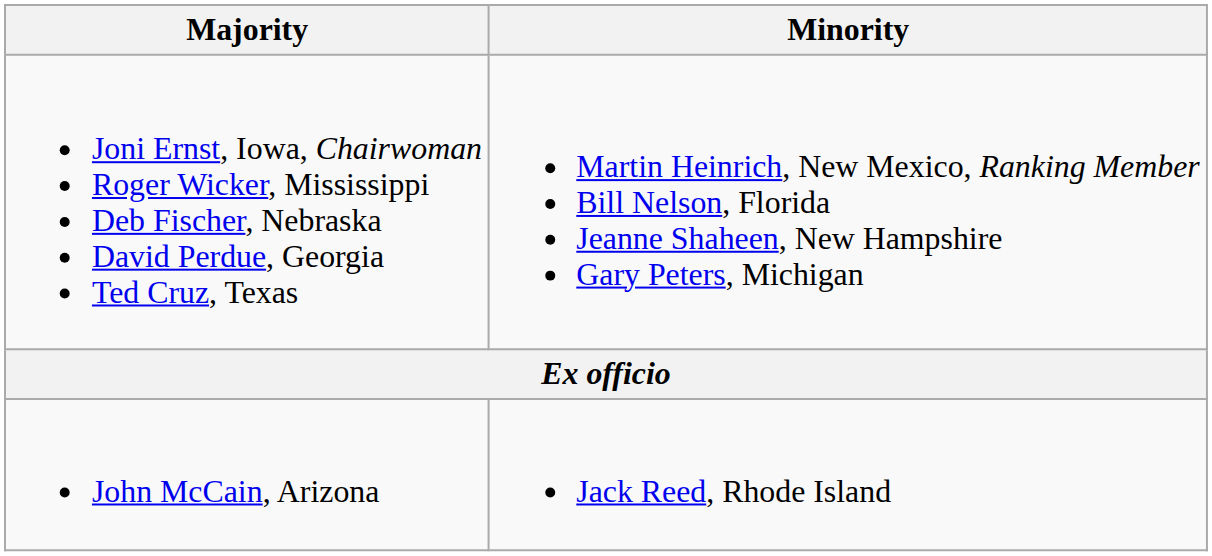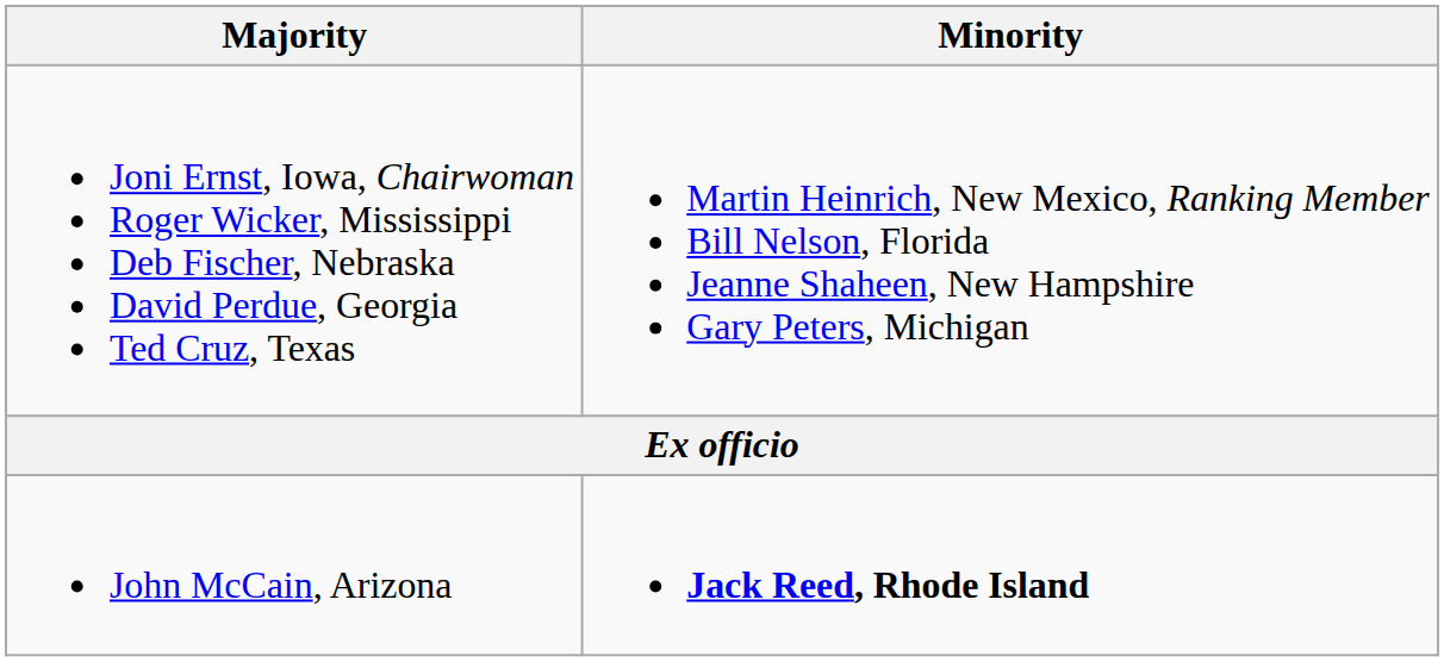 <table class=wikitable>
 <tr>
 <th>Majority</th>
 <th>Minority</th>
 </tr>
 <tr>
 <td><br><ul><li><a href='#'>Joni Ernst</a>, Iowa, <em>Chairwoman</em></li><li><a href='#'>Roger Wicker</a>, Mississippi</li><li><a href='#'>Deb Fischer</a>, Nebraska</li><li><a href='#'>David Perdue</a>, Georgia</li><li><a href='#'>Ted Cruz</a>, Texas</li></ul></td>
 <td><br><ul><li><a href='#'>Martin Heinrich</a>, New Mexico, <em>Ranking Member</em></li><li><a href='#'>Bill Nelson</a>, Florida</li><li><a href='#'>Jeanne Shaheen</a>, New Hampshire</li><li><a href='#'>Gary Peters</a>, Michigan</li></ul></td>
 </tr>
 <tr>
 <th colspan=2><em>Ex officio</em></th>
 </tr>
 <tr>
 <td><br><ul><li><a href='#'>John McCain</a>, Arizona</li></ul></td>
-<td><br><ul><li><a href='#'>Jack Reed</a>, Rhode Island</li></ul></td>
+<td><strong><br><ul><li><a href='#'>Jack Reed</a>, Rhode Island</li></ul></strong></td>
 </tr>
 </table>
